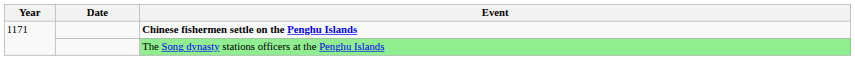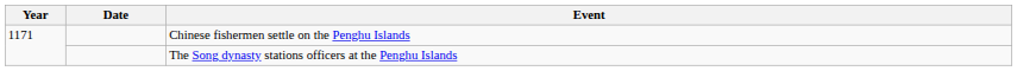 <table class="wikitable" style="width:100%;">
 <tr>
 <th style="width:6%">Year</th>
 <th style="width:10%">Date</th>
 <th>Event</th>
 </tr>
 <tr>
 <td rowspan="2" style="vertical-align:top;">1171</td>
 <td></td>
-<td><strong>Chinese fishermen settle on the <a href='#'>Penghu Islands</a></strong></td>
+<td>Chinese fishermen settle on the <a href='#'>Penghu Islands</a></td>
 </tr>
 <tr>
 <td></td>
-<td style="background: lightgreen;">The <a href='#'>Song dynasty</a> stations officers at the <a href='#'>Penghu Islands</a></td>
+<td>The <a href='#'>Song dynasty</a> stations officers at the <a href='#'>Penghu Islands</a></td>
 </tr>
 </table>
